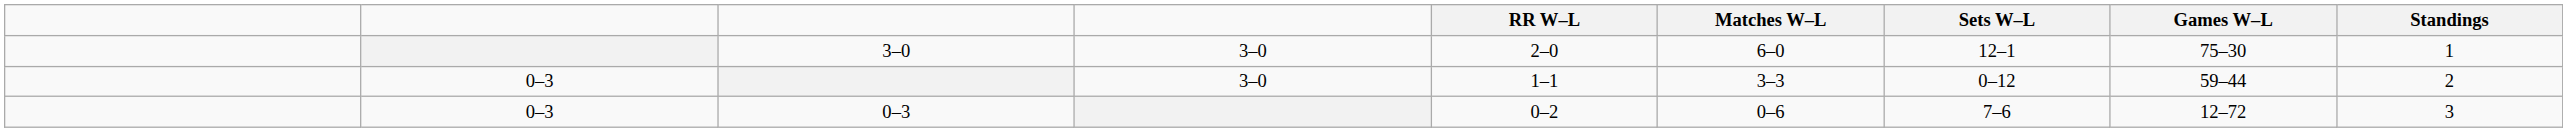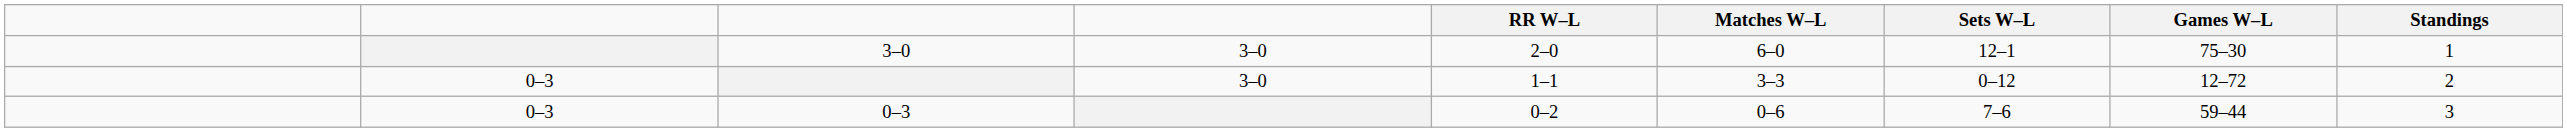 <table class="wikitable" style="width: 100%; text-align:center; font-size:90%">
 <tr>
 <td width=130></td>
 <td width=130></td>
 <td width=130></td>
 <td width=130></td>
 <th width=80>RR W–L</th>
 <th width=80>Matches W–L</th>
 <th width=80>Sets W–L</th>
 <th width=80>Games W–L</th>
 <th width=80>Standings</th>
 </tr>
 <tr>
 <td style="text-align:left;"></td>
 <th bgcolor="ededed"></th>
 <td>3–0</td>
 <td>3–0</td>
 <td>2–0</td>
 <td>6–0</td>
 <td>12–1</td>
 <td>75–30</td>
 <td>1</td>
 </tr>
 <tr>
 <td style="text-align:left;"></td>
 <td>0–3</td>
 <th bgcolor="ededed"></th>
 <td>3–0</td>
 <td>1–1</td>
 <td>3–3</td>
 <td>0–12</td>
-<td>59–44</td>
+<td>12–72</td>
 <td>2</td>
 </tr>
 <tr>
 <td style="text-align:left;"></td>
 <td>0–3</td>
 <td>0–3</td>
 <th bgcolor="ededed"></th>
 <td>0–2</td>
 <td>0–6</td>
 <td>7–6</td>
-<td>12–72</td>
+<td>59–44</td>
 <td>3</td>
 </tr>
 </table>
